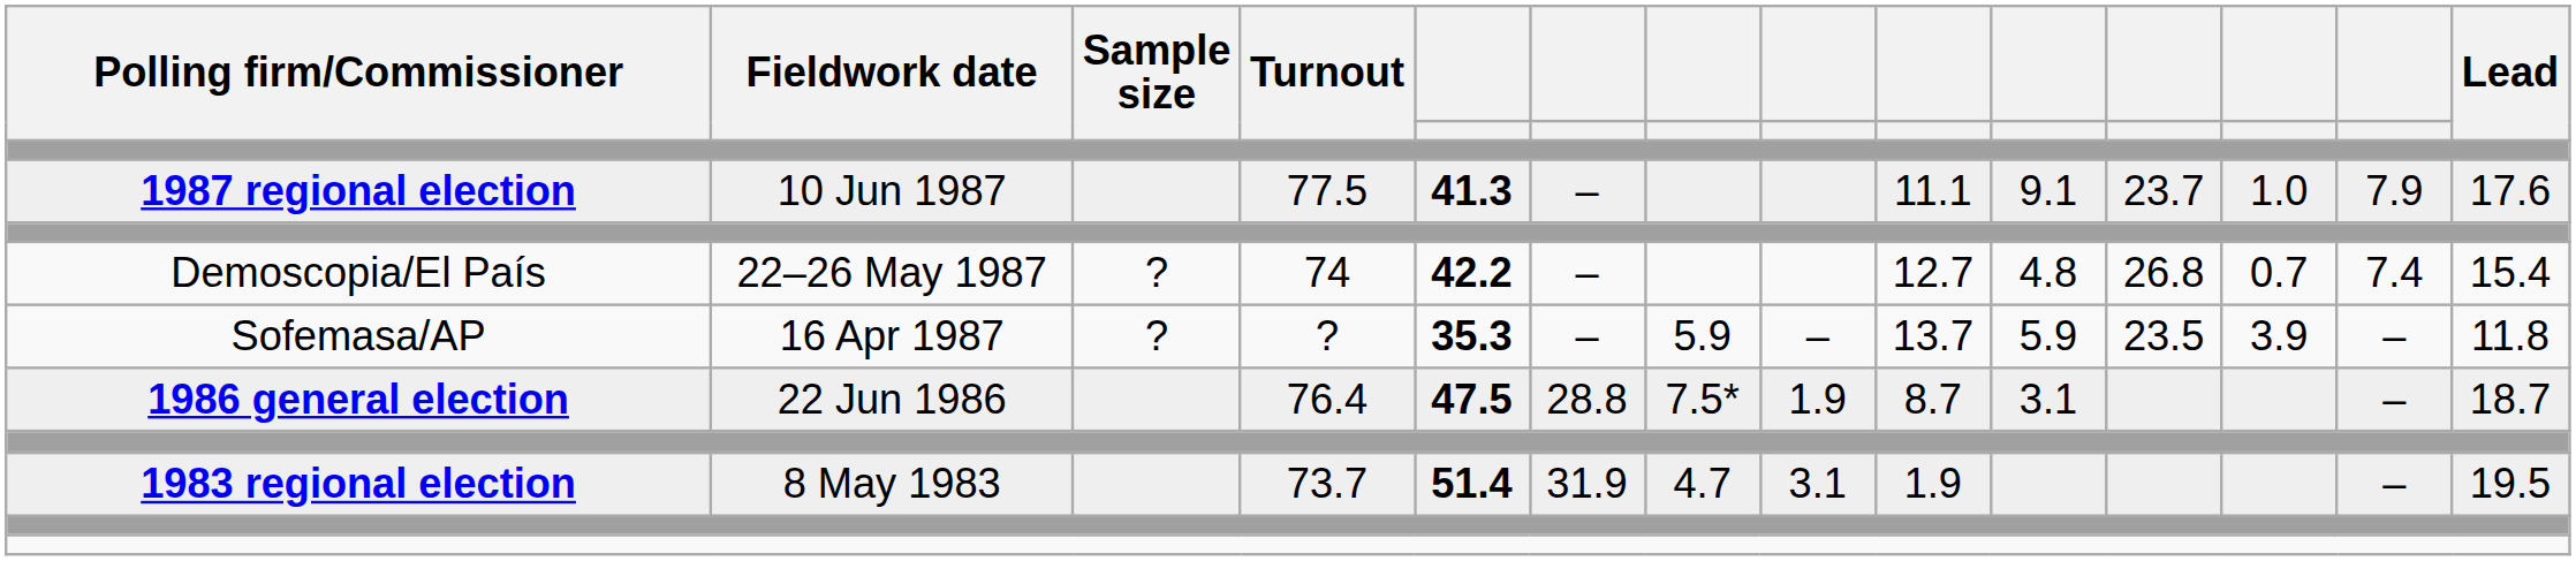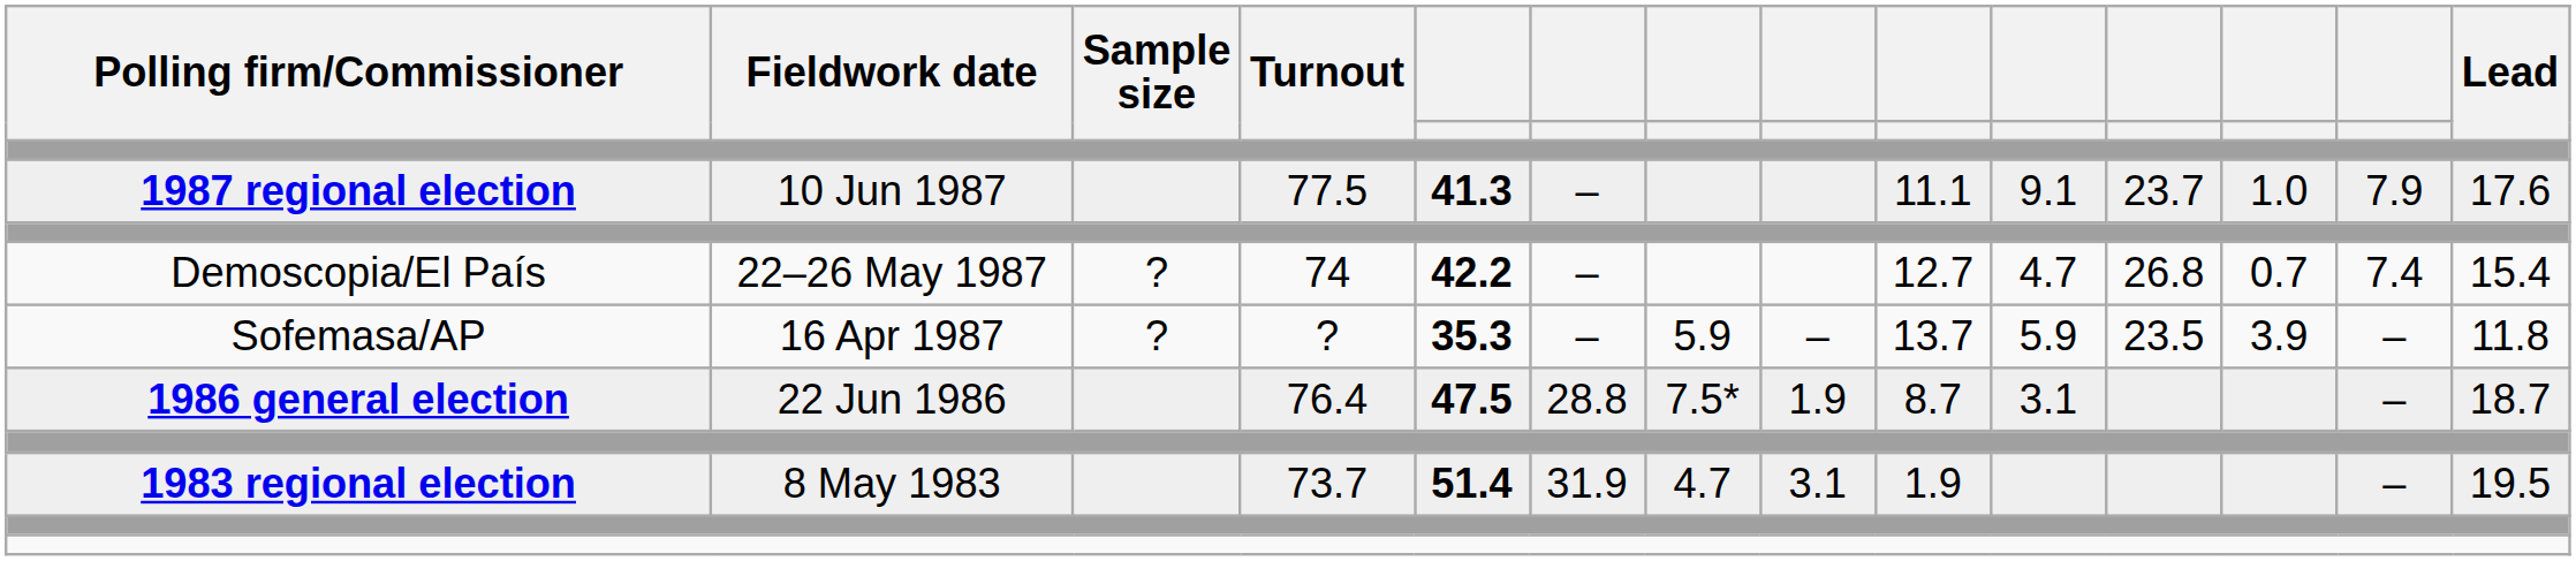 <table class="wikitable collapsible collapsed" style="text-align:center; font-size:95%; line-height:16px;">
 <tr style="height:42px;">
 <th style="width:250px;" rowspan="2">Polling firm/Commissioner</th>
 <th style="width:125px;" rowspan="2">Fieldwork date</th>
 <th style="width:50px;" rowspan="2">Sample size</th>
 <th style="width:45px;" rowspan="2">Turnout</th>
 <th style="width:35px;"></th>
 <th style="width:35px;"></th>
 <th style="width:35px;"></th>
 <th style="width:35px;"></th>
 <th style="width:35px;"></th>
 <th style="width:35px;"></th>
 <th style="width:35px;"></th>
 <th style="width:35px;"></th>
 <th style="width:35px;"></th>
 <th style="width:30px;" rowspan="2">Lead</th>
 </tr>
 <tr>
 <th style="color:inherit;background:"></th>
 <th style="color:inherit;background:"></th>
 <th style="color:inherit;background:"></th>
 <th style="color:inherit;background:"></th>
 <th style="color:inherit;background:"></th>
 <th style="color:inherit;background:"></th>
 <th style="color:inherit;background:"></th>
 <th style="color:inherit;background:"></th>
 <th style="color:inherit;background:"></th>
 </tr>
 <tr>
 <td colspan="14" style="background:#A0A0A0"></td>
 </tr>
 <tr style="background:#EFEFEF;">
 <td><strong><a href='#'>1987 regional election</a></strong></td>
 <td>10 Jun 1987</td>
 <td></td>
 <td>77.5</td>
 <td><strong>41.3</strong><br></td>
 <td>–</td>
 <td></td>
 <td></td>
 <td>11.1<br></td>
 <td>9.1<br></td>
 <td>23.7<br></td>
 <td>1.0<br></td>
 <td>7.9<br></td>
 <td style="background:">17.6</td>
 </tr>
 <tr>
 <td colspan="14" style="background:#A0A0A0"></td>
 </tr>
 <tr>
 <td>Demoscopia/El País</td>
 <td>22–26 May 1987</td>
 <td>?</td>
 <td>74</td>
 <td><strong>42.2</strong><br></td>
 <td>–</td>
 <td></td>
 <td></td>
 <td>12.7<br></td>
-<td>4.8<br></td>
+<td>4.7<br></td>
 <td>26.8<br></td>
 <td>0.7<br></td>
 <td>7.4<br></td>
 <td style="background:">15.4</td>
 </tr>
 <tr>
 <td>Sofemasa/AP</td>
 <td>16 Apr 1987</td>
 <td>?</td>
 <td>?</td>
 <td><strong>35.3</strong></td>
 <td>–</td>
 <td>5.9</td>
 <td>–</td>
 <td>13.7</td>
 <td>5.9</td>
 <td>23.5</td>
 <td>3.9</td>
 <td>–</td>
 <td style="background:">11.8</td>
 </tr>
 <tr style="background:#EFEFEF;">
 <td><strong><a href='#'>1986 general election</a></strong></td>
 <td>22 Jun 1986</td>
 <td></td>
 <td>76.4</td>
 <td><strong>47.5</strong><br></td>
 <td>28.8<br></td>
 <td>7.5*<br></td>
 <td>1.9<br></td>
 <td>8.7<br></td>
 <td>3.1<br></td>
 <td></td>
 <td></td>
 <td>–</td>
 <td style="background:">18.7</td>
 </tr>
 <tr>
 <td colspan="14" style="background:#A0A0A0"></td>
 </tr>
 <tr style="background:#EFEFEF;">
 <td><strong><a href='#'>1983 regional election</a></strong></td>
 <td>8 May 1983</td>
 <td></td>
 <td>73.7</td>
 <td><strong>51.4</strong><br></td>
 <td>31.9<br></td>
 <td>4.7<br></td>
 <td>3.1<br></td>
 <td>1.9<br></td>
 <td></td>
 <td></td>
 <td></td>
 <td>–</td>
 <td style="background:">19.5</td>
 </tr>
 <tr>
 <td colspan="14" style="background:#A0A0A0"></td>
 </tr>
 <tr>
 <td align="left" colspan="14"></td>
 </tr>
 </table>
